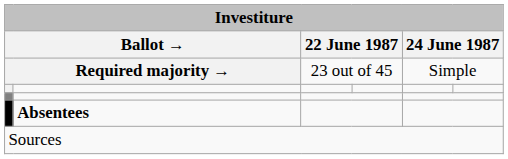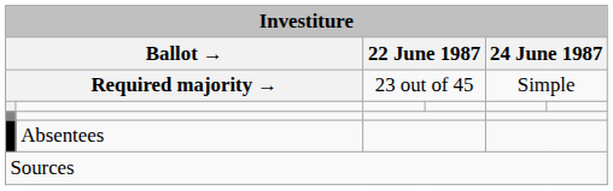 <table class="wikitable" style="text-align:center;">
 <tr bgcolor="#E9E9E9">
 <td colspan="6" align="center" bgcolor="#C0C0C0"><strong>Investiture</strong></td>
 </tr>
 <tr>
 <th colspan="2" width="275px">Ballot →</th>
 <th colspan="2">22 June 1987</th>
 <th colspan="2">24 June 1987</th>
 </tr>
 <tr>
 <th colspan="2">Required majority →</th>
 <td colspan="2">23 out of 45</td>
 <td colspan="2">Simple</td>
 </tr>
 <tr>
 <th width="1px" style="background:"></th>
 <td align="left"></td>
 <td></td>
 <td></td>
 <td></td>
 <td></td>
 </tr>
 <tr>
 <th style="color:inherit;background:gray;"></th>
 <td align="left"></td>
 <td colspan="2"></td>
 <td colspan="2"></td>
 </tr>
 <tr>
 <th style="color:inherit;background:black;"></th>
-<td align="left"><strong><span>Absentees</span></strong></td>
+<td align="left"><span>Absentees</span></td>
 <td colspan="2"></td>
 <td colspan="2"></td>
 </tr>
 <tr>
 <td align="left" colspan="6">Sources</td>
 </tr>
 </table>
